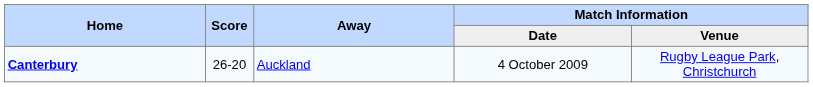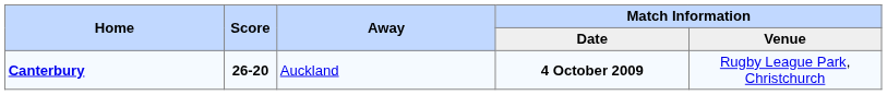 <table border=1 style="border-collapse:collapse; font-size:90%; text-align:center;" cellpadding=3 cellspacing=0 width=100%>
 <tr bgcolor=#C1D8FF>
 <th rowspan=2 width=25%>Home</th>
 <th rowspan=2 width=6%>Score</th>
 <th rowspan=2 width=25%>Away</th>
 <th colspan=6>Match Information</th>
 </tr>
 <tr bgcolor=#EFEFEF>
 <th width=22%>Date</th>
 <th width=22%>Venue</th>
 </tr>
 <tr bgcolor=#F5FAFF>
 <td align=left> <strong><a href='#'>Canterbury</a></strong></td>
-<td>26-20</td>
+<td><strong>26-20</strong></td>
 <td align=left> <a href='#'>Auckland</a></td>
-<td>4 October 2009</td>
+<td><strong>4 October 2009</strong></td>
 <td><a href='#'>Rugby League Park</a>, <a href='#'>Christchurch</a></td>
 </tr>
 </table>
